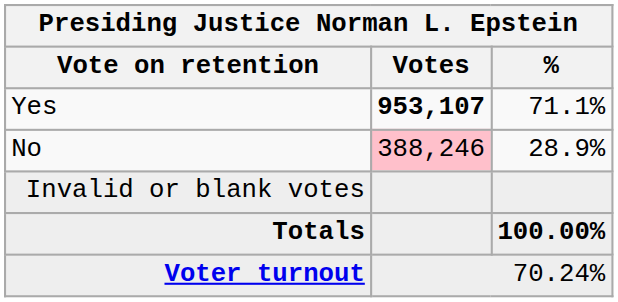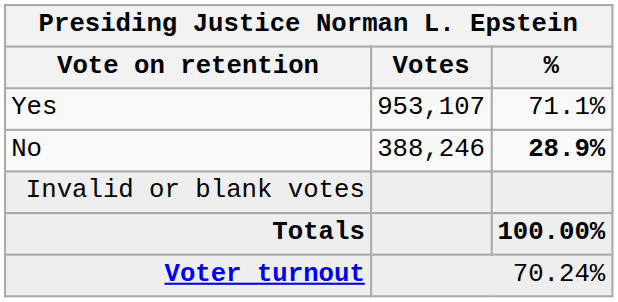 <table class="wikitable" style="font-size: 95%;">
 <tr style="background-color:#E9E9E9">
 <th colspan=7>Presiding Justice Norman L. Epstein</th>
 </tr>
 <tr style="background-color:#E9E9E9">
 <th style="width: 170px">Vote on retention</th>
 <th style="width: 50px">Votes</th>
 <th style="width: 40px">%</th>
 </tr>
 <tr>
 <td>Yes</td>
-<td align="right"><strong>953,107</strong></td>
+<td align="right">953,107</td>
 <td align="right">71.1%</td>
 </tr>
 <tr>
 <td>No</td>
-<td align="right" style="background: pink;">388,246</td>
-<td align="right">28.9%</td>
+<td align="right">388,246</td>
+<td align="right"><strong>28.9%</strong></td>
 </tr>
 <tr bgcolor="#EEEEEE">
 <td align="right">Invalid or blank votes</td>
 <td align="right"></td>
 <td align="right"></td>
 </tr>
 <tr bgcolor="#EEEEEE">
 <td align="right"><strong>Totals</strong></td>
 <td align="right"><strong></strong></td>
 <td align="right"><strong>100.00%</strong></td>
 </tr>
 <tr bgcolor="#EEEEEE">
 <td align="right"><strong><a href='#'>Voter turnout</a></strong></td>
 <td colspan="2" align="right">70.24%</td>
 </tr>
 </table>
